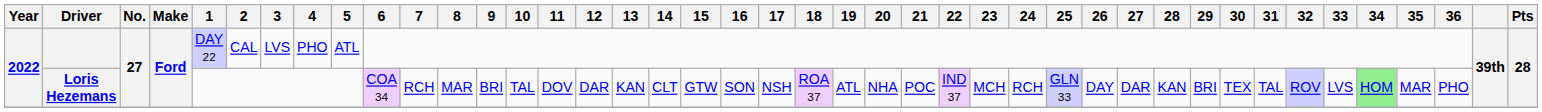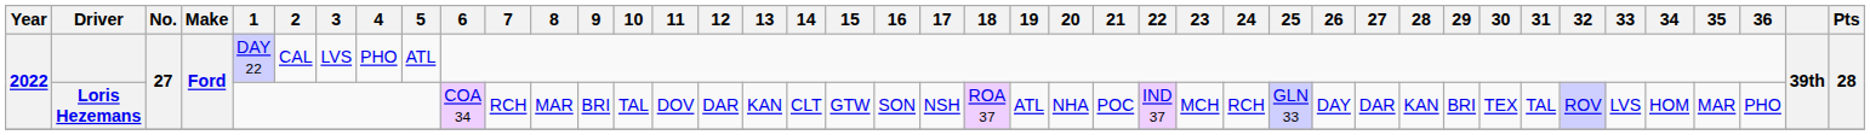 <table class="wikitable mw-collapsible" style="text-align:center; font-size:75%">
 <tr>
 <th>Year</th>
 <th>Driver</th>
 <th>No.</th>
 <th>Make</th>
 <th>1</th>
 <th>2</th>
 <th>3</th>
 <th>4</th>
 <th>5</th>
 <th>6</th>
 <th>7</th>
 <th>8</th>
 <th>9</th>
 <th>10</th>
 <th>11</th>
 <th>12</th>
 <th>13</th>
 <th>14</th>
 <th>15</th>
 <th>16</th>
 <th>17</th>
 <th>18</th>
 <th>19</th>
 <th>20</th>
 <th>21</th>
 <th>22</th>
 <th>23</th>
 <th>24</th>
 <th>25</th>
 <th>26</th>
 <th>27</th>
 <th>28</th>
 <th>29</th>
 <th>30</th>
 <th>31</th>
 <th>32</th>
 <th>33</th>
 <th>34</th>
 <th>35</th>
 <th>36</th>
 <th></th>
 <th>Pts</th>
 </tr>
 <tr>
 <th rowspan=2><a href='#'>2022</a></th>
 <th rowspan="1"></th>
 <th rowspan="2">27</th>
 <th rowspan="2"><a href='#'>Ford</a></th>
 <td style="background:#CFCFFF;"><a href='#'>DAY</a><br><small>22</small></td>
 <td><a href='#'>CAL</a></td>
 <td><a href='#'>LVS</a></td>
 <td><a href='#'>PHO</a></td>
 <td><a href='#'>ATL</a></td>
 <td colspan=31></td>
 <th rowspan=2>39th</th>
 <th rowspan=2>28</th>
 </tr>
 <tr>
 <th><a href='#'>Loris Hezemans</a></th>
 <td colspan=5></td>
 <td style="background:#EFCFFF;"><a href='#'>COA</a><br><small>34</small></td>
 <td><a href='#'>RCH</a></td>
 <td><a href='#'>MAR</a></td>
 <td><a href='#'>BRI</a></td>
 <td><a href='#'>TAL</a></td>
 <td><a href='#'>DOV</a></td>
 <td><a href='#'>DAR</a></td>
 <td><a href='#'>KAN</a></td>
 <td><a href='#'>CLT</a></td>
 <td><a href='#'>GTW</a></td>
 <td><a href='#'>SON</a></td>
 <td><a href='#'>NSH</a></td>
 <td style="background:#EFCFFF;"><a href='#'>ROA</a><br><small>37</small></td>
 <td><a href='#'>ATL</a></td>
 <td><a href='#'>NHA</a></td>
 <td><a href='#'>POC</a></td>
 <td style="background:#EFCFFF;"><a href='#'>IND</a><br><small>37</small></td>
 <td><a href='#'>MCH</a></td>
 <td><a href='#'>RCH</a></td>
 <td style="background:#cfcfff;"><a href='#'>GLN</a> <br><small>33</small></td>
 <td><a href='#'>DAY</a></td>
 <td><a href='#'>DAR</a></td>
 <td><a href='#'>KAN</a></td>
 <td><a href='#'>BRI</a></td>
 <td><a href='#'>TEX</a></td>
 <td><a href='#'>TAL</a></td>
 <td style="background:#CFCFFF;"><a href='#'>ROV</a><br></td>
 <td><a href='#'>LVS</a></td>
-<td style="background: lightgreen;"><a href='#'>HOM</a></td>
+<td><a href='#'>HOM</a></td>
 <td><a href='#'>MAR</a></td>
 <td><a href='#'>PHO</a></td>
 </tr>
 <tr>
 </tr>
 </table>
